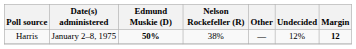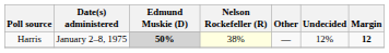 <table class="wikitable sortable" style="text-align:center;font-size:90%;line-height:17px">
 <tr valign= bottom>
 <th>Poll source</th>
 <th>Date(s)<br>administered</th>
 <th class="unsortable" style="width:100px;">Edmund<br>Muskie (D)</th>
 <th class="unsortable" style="width:100px;">Nelson<br>Rockefeller (R)</th>
 <th class="unsortable">Other</th>
 <th class="unsortable">Undecided</th>
 <th>Margin</th>
 </tr>
 <tr>
 <td align="center">Harris</td>
 <td>January 2–8, 1975</td>
-<td><strong>50%</strong></td>
-<td align="center">38%</td>
+<td style="background: lightgrey;"><strong>50%</strong></td>
+<td align="center" style="background: lightyellow;">38%</td>
 <td align="center">—</td>
 <td align="center">12%</td>
 <td><strong>12</strong></td>
 </tr>
 <tr>
 </tr>
 </table>
